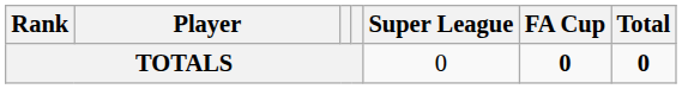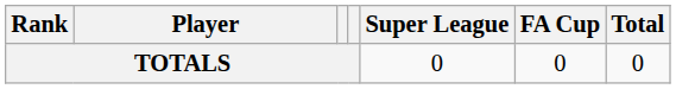 <table class="wikitable">
 <tr>
 <th>Rank</th>
 <th style="width:166px;">Player</th>
 <th></th>
 <th></th>
 <th>Super League</th>
 <th>FA Cup</th>
 <th>Total</th>
 </tr>
 <tr>
 <th align=center colspan=4>TOTALS</th>
 <td align=center>0</td>
-<td align=center><strong>0</strong></td>
-<td align=center><strong>0</strong></td>
+<td align=center>0</td>
+<td align=center>0</td>
 </tr>
 </table>
